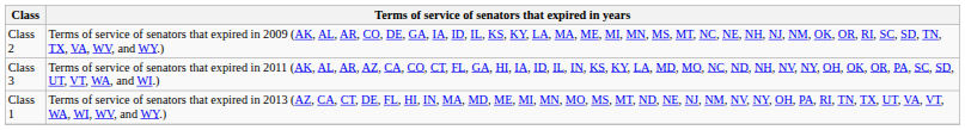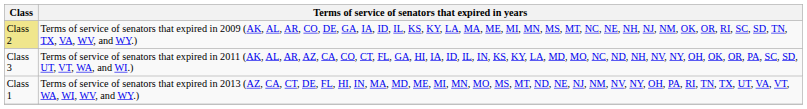 <table class="wikitable sortable">
 <tr valign=bottom>
 <th>Class</th>
 <th>Terms of service of senators that expired in years</th>
 </tr>
 <tr>
-<td>Class 2</td>
+<td style="background: khaki;">Class 2</td>
 <td>Terms of service of senators that expired in 2009 (<a href='#'>AK</a>, <a href='#'>AL</a>, <a href='#'>AR</a>, <a href='#'>CO</a>, <a href='#'>DE</a>, <a href='#'>GA</a>, <a href='#'>IA</a>, <a href='#'>ID</a>, <a href='#'>IL</a>, <a href='#'>KS</a>, <a href='#'>KY</a>, <a href='#'>LA</a>, <a href='#'>MA</a>, <a href='#'>ME</a>, <a href='#'>MI</a>, <a href='#'>MN</a>, <a href='#'>MS</a>, <a href='#'>MT</a>, <a href='#'>NC</a>, <a href='#'>NE</a>, <a href='#'>NH</a>, <a href='#'>NJ</a>, <a href='#'>NM</a>, <a href='#'>OK</a>, <a href='#'>OR</a>, <a href='#'>RI</a>, <a href='#'>SC</a>, <a href='#'>SD</a>, <a href='#'>TN</a>, <a href='#'>TX</a>, <a href='#'>VA</a>, <a href='#'>WV</a>, and <a href='#'>WY</a>.)</td>
 </tr>
 <tr>
 <td>Class 3</td>
 <td>Terms of service of senators that expired in 2011 (<a href='#'>AK</a>, <a href='#'>AL</a>, <a href='#'>AR</a>, <a href='#'>AZ</a>, <a href='#'>CA</a>, <a href='#'>CO</a>, <a href='#'>CT</a>, <a href='#'>FL</a>, <a href='#'>GA</a>, <a href='#'>HI</a>, <a href='#'>IA</a>, <a href='#'>ID</a>, <a href='#'>IL</a>, <a href='#'>IN</a>, <a href='#'>KS</a>, <a href='#'>KY</a>, <a href='#'>LA</a>, <a href='#'>MD</a>, <a href='#'>MO</a>, <a href='#'>NC</a>, <a href='#'>ND</a>, <a href='#'>NH</a>, <a href='#'>NV</a>, <a href='#'>NY</a>, <a href='#'>OH</a>, <a href='#'>OK</a>, <a href='#'>OR</a>, <a href='#'>PA</a>, <a href='#'>SC</a>, <a href='#'>SD</a>, <a href='#'>UT</a>, <a href='#'>VT</a>, <a href='#'>WA</a>, and <a href='#'>WI</a>.)</td>
 </tr>
 <tr>
 <td>Class 1</td>
 <td>Terms of service of senators that expired in 2013 (<a href='#'>AZ</a>, <a href='#'>CA</a>, <a href='#'>CT</a>, <a href='#'>DE</a>, <a href='#'>FL</a>, <a href='#'>HI</a>, <a href='#'>IN</a>, <a href='#'>MA</a>, <a href='#'>MD</a>, <a href='#'>ME</a>, <a href='#'>MI</a>, <a href='#'>MN</a>, <a href='#'>MO</a>, <a href='#'>MS</a>, <a href='#'>MT</a>, <a href='#'>ND</a>, <a href='#'>NE</a>, <a href='#'>NJ</a>, <a href='#'>NM</a>, <a href='#'>NV</a>, <a href='#'>NY</a>, <a href='#'>OH</a>, <a href='#'>PA</a>, <a href='#'>RI</a>, <a href='#'>TN</a>, <a href='#'>TX</a>, <a href='#'>UT</a>, <a href='#'>VA</a>, <a href='#'>VT</a>, <a href='#'>WA</a>, <a href='#'>WI</a>, <a href='#'>WV</a>, and <a href='#'>WY</a>.)</td>
 </tr>
 <tr>
 </tr>
 </table>
